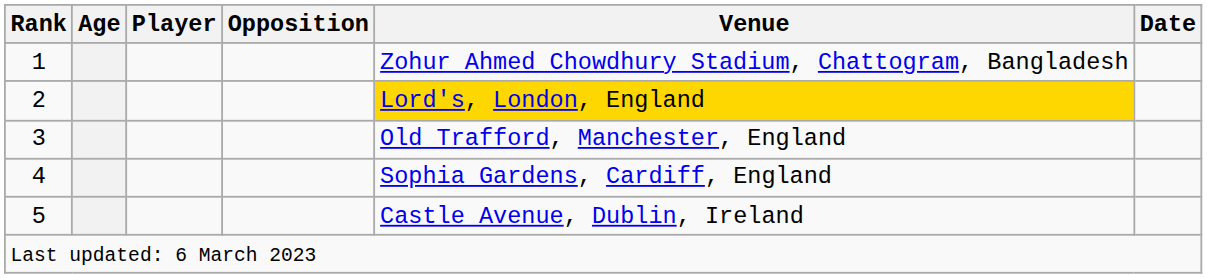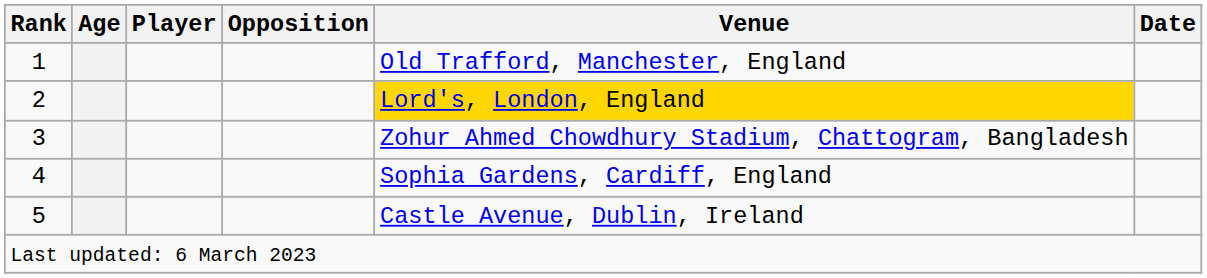 <table class="wikitable plainrowheaders sortable">
 <tr>
 <th scope=col>Rank</th>
 <th scope=col>Age</th>
 <th scope=col>Player</th>
 <th scope=col>Opposition</th>
 <th scope=col>Venue</th>
 <th scope=col>Date</th>
 </tr>
 <tr>
 <td align=center>1</td>
 <th scope=row></th>
 <td></td>
 <td></td>
-<td><a href='#'>Zohur Ahmed Chowdhury Stadium</a>, <a href='#'>Chattogram</a>, Bangladesh</td>
+<td><a href='#'>Old Trafford</a>, <a href='#'>Manchester</a>, England</td>
 <td></td>
 </tr>
 <tr>
 <td align=center>2</td>
 <th scope=row></th>
 <td></td>
 <td></td>
 <td style="background: gold;"><a href='#'>Lord's</a>, <a href='#'>London</a>, England</td>
 <td></td>
 </tr>
 <tr>
 <td align=center>3</td>
 <th scope=row></th>
 <td></td>
 <td></td>
-<td><a href='#'>Old Trafford</a>, <a href='#'>Manchester</a>, England</td>
+<td><a href='#'>Zohur Ahmed Chowdhury Stadium</a>, <a href='#'>Chattogram</a>, Bangladesh</td>
 <td></td>
 </tr>
 <tr>
 <td align=center>4</td>
 <th scope=row></th>
 <td></td>
 <td></td>
 <td><a href='#'>Sophia Gardens</a>, <a href='#'>Cardiff</a>, England</td>
 <td></td>
 </tr>
 <tr>
 <td align=center>5</td>
 <th scope=row></th>
 <td></td>
 <td></td>
 <td><a href='#'>Castle Avenue</a>, <a href='#'>Dublin</a>, Ireland</td>
 <td></td>
 </tr>
 <tr class=sortbottom>
 <td colspan=6><small>Last updated: 6 March 2023</small></td>
 </tr>
 </table>
